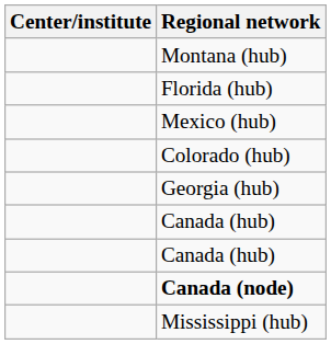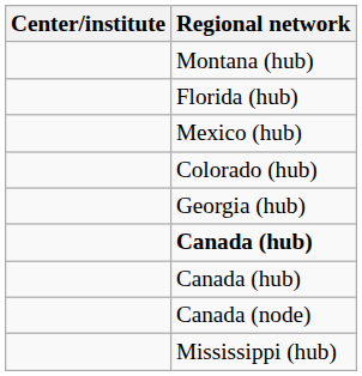 <table class="wikitable">
 <tr>
 <th>Center/institute</th>
 <th>Regional network</th>
 </tr>
 <tr>
 <td></td>
 <td>Montana (hub)</td>
 </tr>
 <tr>
 <td></td>
 <td>Florida (hub)</td>
 </tr>
 <tr>
 <td></td>
 <td>Mexico (hub)</td>
 </tr>
 <tr>
 <td></td>
 <td>Colorado (hub)</td>
 </tr>
 <tr>
 <td></td>
 <td>Georgia (hub)</td>
 </tr>
 <tr>
 <td></td>
-<td>Canada (hub)</td>
+<td><strong>Canada (hub)</strong></td>
 </tr>
 <tr>
 <td></td>
 <td>Canada (hub)</td>
 </tr>
 <tr>
 <td></td>
-<td><strong>Canada (node)</strong></td>
+<td>Canada (node)</td>
 </tr>
 <tr>
 <td></td>
 <td>Mississippi (hub)</td>
 </tr>
 </table>
